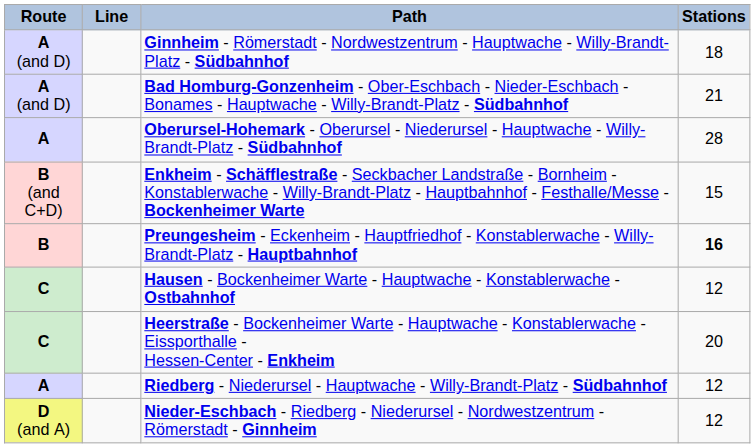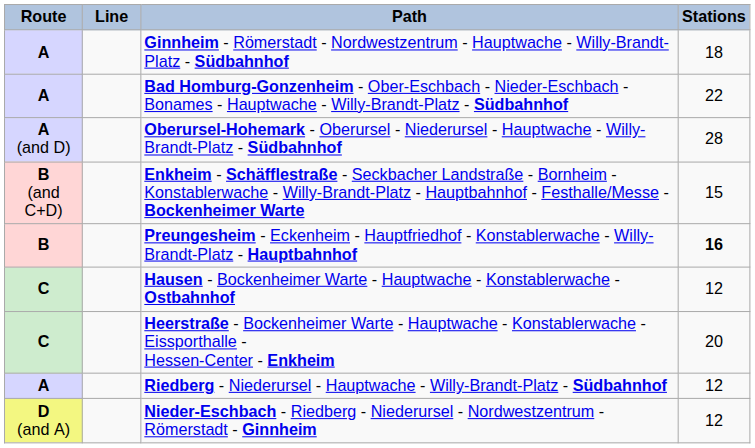 <table class="wikitable">
 <tr>
 <th style="background: lightsteelblue;" width="70px">Route</th>
 <th style="background: lightsteelblue;" width="50px">Line</th>
 <th style="background: lightsteelblue;" width="525px">Path</th>
 <th style="background: lightsteelblue;" width="60px">Stations</th>
 </tr>
 <tr>
-<td style="background-color:#d6d6ff; text-align:center;"><span><strong>A</strong></span><br><span>(and D)</span></td>
+<td style="background-color:#d6d6ff; text-align:center;"><span><strong>A</strong></span></td>
 <td style="text-align:center;"></td>
 <td><strong><a href='#'>Ginnheim</a></strong> - <a href='#'>Römerstadt</a> - <a href='#'>Nordwestzentrum</a> - <a href='#'>Hauptwache</a> - <a href='#'>Willy-Brandt-Platz</a> - <strong><a href='#'>Südbahnhof</a></strong></td>
 <td style="text-align:center;">18</td>
 </tr>
 <tr>
-<td style="background-color:#d6d6ff; text-align:center;"><span><strong>A</strong></span><br><span>(and D)</span></td>
+<td style="background-color:#d6d6ff; text-align:center;"><span><strong>A</strong></span></td>
 <td style="text-align:center;"></td>
 <td><strong><a href='#'>Bad Homburg-Gonzenheim</a></strong> - <a href='#'>Ober-Eschbach</a> - <a href='#'>Nieder-Eschbach</a> - <a href='#'>Bonames</a> - <a href='#'>Hauptwache</a> - <a href='#'>Willy-Brandt-Platz</a> - <strong><a href='#'>Südbahnhof</a></strong></td>
-<td style="text-align:center;">21</td>
+<td style="text-align:center;">22</td>
 </tr>
 <tr>
-<td style="background-color:#d6d6ff; text-align:center;"><span><strong>A</strong></span></td>
+<td style="background-color:#d6d6ff; text-align:center;"><span><strong>A</strong></span><br><span>(and D)</span></td>
 <td style="text-align:center;"></td>
 <td><strong><a href='#'>Oberursel-Hohemark</a></strong> - <a href='#'>Oberursel</a> - <a href='#'>Niederursel</a> - <a href='#'>Hauptwache</a> - <a href='#'>Willy-Brandt-Platz</a> - <strong><a href='#'>Südbahnhof</a></strong></td>
 <td style="text-align:center;">28</td>
 </tr>
 <tr>
 <td style="background-color:#ffd6d6; text-align:center;"><span><strong>B</strong></span><br><span>(and C+D)</span></td>
 <td style="text-align:center;"></td>
 <td><strong><a href='#'>Enkheim</a></strong> - <strong><a href='#'>Schäfflestraße</a></strong> - <a href='#'>Seckbacher Landstraße</a> - <a href='#'>Bornheim</a> - <a href='#'>Konstablerwache</a> - <a href='#'>Willy-Brandt-Platz</a> - <a href='#'>Hauptbahnhof</a> - <a href='#'>Festhalle/Messe</a> - <strong><a href='#'>Bockenheimer Warte</a></strong></td>
 <td style="text-align:center;">15</td>
 </tr>
 <tr>
 <td style="background-color:#ffd6d6; text-align:center;"><span><strong>B</strong></span></td>
 <td style="text-align:center;"></td>
 <td><strong><a href='#'>Preungesheim</a></strong> - <a href='#'>Eckenheim</a> - <a href='#'>Hauptfriedhof</a> - <a href='#'>Konstablerwache</a> - <a href='#'>Willy-Brandt-Platz</a> - <strong><a href='#'>Hauptbahnhof</a></strong></td>
 <td style="text-align:center;"><strong>16</strong></td>
 </tr>
 <tr>
 <td style="background-color:#ceecce; text-align:center;"><span><strong>C</strong></span></td>
 <td style="text-align:center;"></td>
 <td><strong><a href='#'>Hausen</a></strong> - <a href='#'>Bockenheimer Warte</a> - <a href='#'>Hauptwache</a> - <a href='#'>Konstablerwache</a> - <br><strong><a href='#'>Ostbahnhof</a></strong></td>
 <td style="text-align:center;">12</td>
 </tr>
 <tr>
 <td style="background-color:#ceecce; text-align:center;"><span><strong>C</strong></span></td>
 <td style="text-align:center;"></td>
 <td><strong><a href='#'>Heerstraße</a></strong> - <a href='#'>Bockenheimer Warte</a> - <a href='#'>Hauptwache</a> - <a href='#'>Konstablerwache</a> - <a href='#'>Eissporthalle</a> - <br><a href='#'>Hessen-Center</a> - <strong><a href='#'>Enkheim</a></strong></td>
 <td style="text-align:center;">20</td>
 </tr>
 <tr>
 <td style="background-color:#d6d6ff; text-align:center;"><span><strong>A</strong></span></td>
 <td style="text-align:center;"></td>
 <td><strong><a href='#'>Riedberg</a></strong> - <a href='#'>Niederursel</a> - <a href='#'>Hauptwache</a> - <a href='#'>Willy-Brandt-Platz</a> - <strong><a href='#'>Südbahnhof</a></strong></td>
 <td style="text-align:center;">12</td>
 </tr>
 <tr>
 <td style="background-color:#f3f781; text-align:center;"><span><strong>D</strong></span><br><span>(and A)</span></td>
 <td style="text-align:center;"></td>
 <td><strong><a href='#'>Nieder-Eschbach</a></strong> - <a href='#'>Riedberg</a> - <a href='#'>Niederursel</a> - <a href='#'>Nordwestzentrum</a> - <a href='#'>Römerstadt</a> - <strong><a href='#'>Ginnheim</a></strong></td>
 <td style="text-align:center;">12</td>
 </tr>
 </table>
